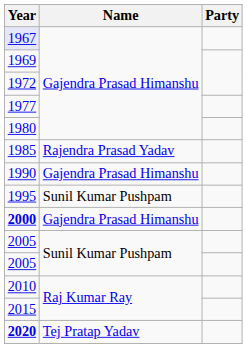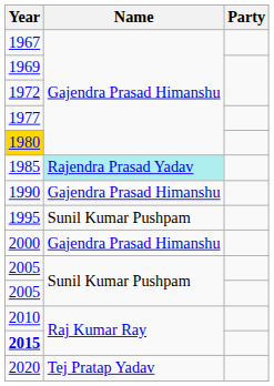 <table class="wikitable sortable">
 <tr>
 <th>Year</th>
 <th>Name</th>
 <th colspan="2">Party</th>
 </tr>
 <tr>
-<td style="background: lavender;"><a href='#'>1967</a></td>
+<td><a href='#'>1967</a></td>
 <td rowspan="5"><a href='#'>Gajendra Prasad Himanshu</a></td>
 <td></td>
 </tr>
 <tr>
 <td><a href='#'>1969</a></td>
 </tr>
 <tr>
 <td><a href='#'>1972</a></td>
 </tr>
 <tr>
 <td><a href='#'>1977</a></td>
 <td></td>
 </tr>
 <tr>
-<td><a href='#'>1980</a></td>
+<td style="background: gold;"><a href='#'>1980</a></td>
 <td></td>
 </tr>
 <tr>
 <td><a href='#'>1985</a></td>
-<td><a href='#'>Rajendra Prasad Yadav</a></td>
+<td style="background: paleturquoise;"><a href='#'>Rajendra Prasad Yadav</a></td>
 <td></td>
 </tr>
 <tr>
 <td><a href='#'>1990</a></td>
 <td><a href='#'>Gajendra Prasad Himanshu</a></td>
 <td></td>
 </tr>
 <tr>
 <td><a href='#'>1995</a></td>
 <td>Sunil Kumar Pushpam</td>
 </tr>
 <tr>
-<td><strong><a href='#'>2000</a></strong></td>
+<td><a href='#'>2000</a></td>
 <td><a href='#'>Gajendra Prasad Himanshu</a></td>
 <td></td>
 </tr>
 <tr>
 <td><a href='#'>2005</a></td>
 <td rowspan="2">Sunil Kumar Pushpam</td>
 <td></td>
 </tr>
 <tr>
 <td><a href='#'>2005</a></td>
 </tr>
 <tr>
 <td><a href='#'>2010</a></td>
 <td rowspan="2"><a href='#'>Raj Kumar Ray</a></td>
 <td></td>
 </tr>
 <tr>
-<td><a href='#'>2015</a></td>
+<td><strong><a href='#'>2015</a></strong></td>
 </tr>
 <tr>
-<td><strong><a href='#'>2020</a></strong></td>
+<td><a href='#'>2020</a></td>
 <td><a href='#'>Tej Pratap Yadav</a></td>
 <td></td>
 </tr>
 </table>
